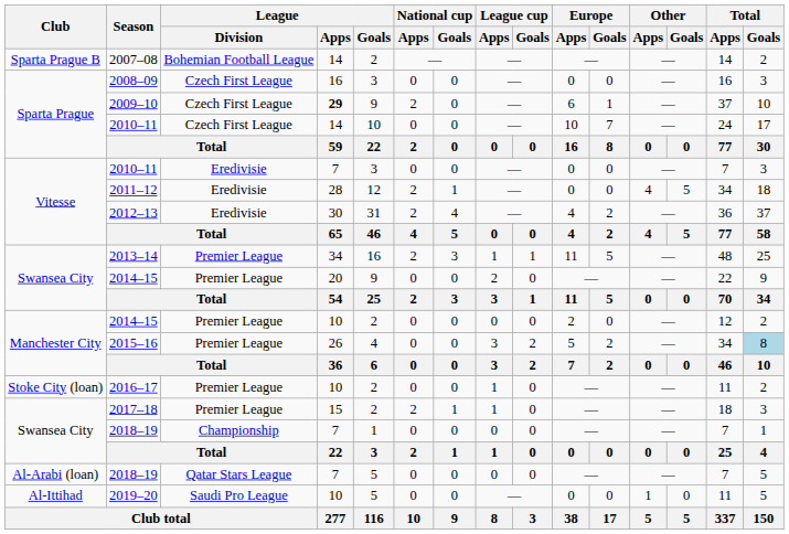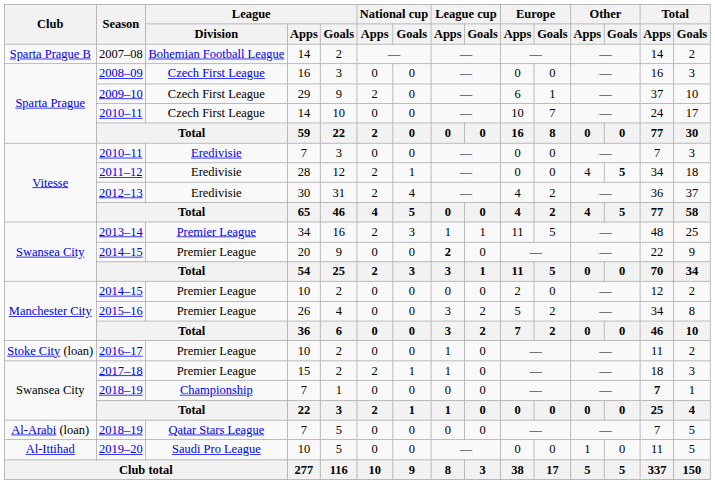 <table class="wikitable" style="text-align: center">
 <tr>
 <th rowspan="2">Club</th>
 <th rowspan="2">Season</th>
 <th colspan="3">League</th>
 <th colspan="2">National cup</th>
 <th colspan="2">League cup</th>
 <th colspan="2">Europe</th>
 <th colspan="2">Other</th>
 <th colspan="2">Total</th>
 </tr>
 <tr>
 <th>Division</th>
 <th>Apps</th>
 <th>Goals</th>
 <th>Apps</th>
 <th>Goals</th>
 <th>Apps</th>
 <th>Goals</th>
 <th>Apps</th>
 <th>Goals</th>
 <th>Apps</th>
 <th>Goals</th>
 <th>Apps</th>
 <th>Goals</th>
 </tr>
 <tr>
 <td><a href='#'>Sparta Prague B</a></td>
 <td>2007–08</td>
 <td><a href='#'>Bohemian Football League</a></td>
 <td>14</td>
 <td>2</td>
 <td colspan="2">—</td>
 <td colspan="2">—</td>
 <td colspan="2">—</td>
 <td colspan="2">—</td>
 <td>14</td>
 <td>2</td>
 </tr>
 <tr>
 <td rowspan="4"><a href='#'>Sparta Prague</a></td>
 <td><a href='#'>2008–09</a></td>
 <td><a href='#'>Czech First League</a></td>
 <td>16</td>
 <td>3</td>
 <td>0</td>
 <td>0</td>
 <td colspan="2">—</td>
 <td>0</td>
 <td>0</td>
 <td colspan="2">—</td>
 <td>16</td>
 <td>3</td>
 </tr>
 <tr>
 <td><a href='#'>2009–10</a></td>
 <td>Czech First League</td>
-<td><strong>29</strong></td>
+<td>29</td>
 <td>9</td>
 <td>2</td>
 <td>0</td>
 <td colspan="2">—</td>
 <td>6</td>
 <td>1</td>
 <td colspan="2">—</td>
 <td>37</td>
 <td>10</td>
 </tr>
 <tr>
 <td><a href='#'>2010–11</a></td>
 <td>Czech First League</td>
 <td>14</td>
 <td>10</td>
 <td>0</td>
 <td>0</td>
 <td colspan="2">—</td>
 <td>10</td>
 <td>7</td>
 <td colspan="2">—</td>
 <td>24</td>
 <td>17</td>
 </tr>
 <tr>
 <th colspan="2">Total</th>
 <th>59</th>
 <th>22</th>
 <th>2</th>
 <th>0</th>
 <th>0</th>
 <th>0</th>
 <th>16</th>
 <th>8</th>
 <th>0</th>
 <th>0</th>
 <th>77</th>
 <th>30</th>
 </tr>
 <tr>
 <td rowspan="4"><a href='#'>Vitesse</a></td>
 <td><a href='#'>2010–11</a></td>
 <td><a href='#'>Eredivisie</a></td>
 <td>7</td>
 <td>3</td>
 <td>0</td>
 <td>0</td>
 <td colspan="2">—</td>
 <td>0</td>
 <td>0</td>
 <td colspan="2">—</td>
 <td>7</td>
 <td>3</td>
 </tr>
 <tr>
 <td><a href='#'>2011–12</a></td>
 <td>Eredivisie</td>
 <td>28</td>
 <td>12</td>
 <td>2</td>
 <td>1</td>
 <td colspan="2">—</td>
 <td>0</td>
 <td>0</td>
 <td>4</td>
-<td>5</td>
+<td><strong>5</strong></td>
 <td>34</td>
 <td>18</td>
 </tr>
 <tr>
 <td><a href='#'>2012–13</a></td>
 <td>Eredivisie</td>
 <td>30</td>
 <td>31</td>
 <td>2</td>
 <td>4</td>
 <td colspan="2">—</td>
 <td>4</td>
 <td>2</td>
 <td colspan="2">—</td>
 <td>36</td>
 <td>37</td>
 </tr>
 <tr>
 <th colspan="2">Total</th>
 <th>65</th>
 <th>46</th>
 <th>4</th>
 <th>5</th>
 <th>0</th>
 <th>0</th>
 <th>4</th>
 <th>2</th>
 <th>4</th>
 <th>5</th>
 <th>77</th>
 <th>58</th>
 </tr>
 <tr>
 <td rowspan="3"><a href='#'>Swansea City</a></td>
 <td><a href='#'>2013–14</a></td>
 <td><a href='#'>Premier League</a></td>
 <td>34</td>
 <td>16</td>
 <td>2</td>
 <td>3</td>
 <td>1</td>
 <td>1</td>
 <td>11</td>
 <td>5</td>
 <td colspan="2">—</td>
 <td>48</td>
 <td>25</td>
 </tr>
 <tr>
 <td><a href='#'>2014–15</a></td>
 <td>Premier League</td>
 <td>20</td>
 <td>9</td>
 <td>0</td>
 <td>0</td>
-<td>2</td>
+<td><strong>2</strong></td>
 <td>0</td>
 <td colspan="2">—</td>
 <td colspan="2">—</td>
 <td>22</td>
 <td>9</td>
 </tr>
 <tr>
 <th colspan="2">Total</th>
 <th>54</th>
 <th>25</th>
 <th>2</th>
 <th>3</th>
 <th>3</th>
 <th>1</th>
 <th>11</th>
 <th>5</th>
 <th>0</th>
 <th>0</th>
 <th>70</th>
 <th>34</th>
 </tr>
 <tr>
 <td rowspan="3"><a href='#'>Manchester City</a></td>
 <td><a href='#'>2014–15</a></td>
 <td>Premier League</td>
 <td>10</td>
 <td>2</td>
 <td>0</td>
 <td>0</td>
 <td>0</td>
 <td>0</td>
 <td>2</td>
 <td>0</td>
 <td colspan="2">—</td>
 <td>12</td>
 <td>2</td>
 </tr>
 <tr>
 <td><a href='#'>2015–16</a></td>
 <td>Premier League</td>
 <td>26</td>
 <td>4</td>
 <td>0</td>
 <td>0</td>
 <td>3</td>
 <td>2</td>
 <td>5</td>
 <td>2</td>
 <td colspan="2">—</td>
 <td>34</td>
-<td style="background: lightblue;">8</td>
+<td>8</td>
 </tr>
 <tr>
 <th colspan="2">Total</th>
 <th>36</th>
 <th>6</th>
 <th>0</th>
 <th>0</th>
 <th>3</th>
 <th>2</th>
 <th>7</th>
 <th>2</th>
 <th>0</th>
 <th>0</th>
 <th>46</th>
 <th>10</th>
 </tr>
 <tr>
 <td><a href='#'>Stoke City</a> (loan)</td>
 <td><a href='#'>2016–17</a></td>
 <td>Premier League</td>
 <td>10</td>
 <td>2</td>
 <td>0</td>
 <td>0</td>
 <td>1</td>
 <td>0</td>
 <td colspan="2">—</td>
 <td colspan="2">—</td>
 <td>11</td>
 <td>2</td>
 </tr>
 <tr>
 <td rowspan="3">Swansea City</td>
 <td><a href='#'>2017–18</a></td>
 <td>Premier League</td>
 <td>15</td>
 <td>2</td>
 <td>2</td>
 <td>1</td>
 <td>1</td>
 <td>0</td>
 <td colspan="2">—</td>
 <td colspan="2">—</td>
 <td>18</td>
 <td>3</td>
 </tr>
 <tr>
 <td><a href='#'>2018–19</a></td>
 <td><a href='#'>Championship</a></td>
 <td>7</td>
 <td>1</td>
 <td>0</td>
 <td>0</td>
 <td>0</td>
 <td>0</td>
 <td colspan="2">—</td>
 <td colspan="2">—</td>
-<td>7</td>
+<td><strong>7</strong></td>
 <td>1</td>
 </tr>
 <tr>
 <th colspan="2">Total</th>
 <th>22</th>
 <th>3</th>
 <th>2</th>
 <th>1</th>
 <th>1</th>
 <th>0</th>
 <th>0</th>
 <th>0</th>
 <th>0</th>
 <th>0</th>
 <th>25</th>
 <th>4</th>
 </tr>
 <tr>
 <td><a href='#'>Al-Arabi</a> (loan)</td>
 <td><a href='#'>2018–19</a></td>
 <td><a href='#'>Qatar Stars League</a></td>
 <td>7</td>
 <td>5</td>
 <td>0</td>
 <td>0</td>
 <td>0</td>
 <td>0</td>
 <td colspan="2">—</td>
 <td colspan="2">—</td>
 <td>7</td>
 <td>5</td>
 </tr>
 <tr>
 <td><a href='#'>Al-Ittihad</a></td>
 <td><a href='#'>2019–20</a></td>
 <td><a href='#'>Saudi Pro League</a></td>
 <td>10</td>
 <td>5</td>
 <td>0</td>
 <td>0</td>
 <td colspan="2">—</td>
 <td>0</td>
 <td>0</td>
 <td>1</td>
 <td>0</td>
 <td>11</td>
 <td>5</td>
 </tr>
 <tr>
 <th colspan="3">Club total</th>
 <th>277</th>
 <th>116</th>
 <th>10</th>
 <th>9</th>
 <th>8</th>
 <th>3</th>
 <th>38</th>
 <th>17</th>
 <th>5</th>
 <th>5</th>
 <th>337</th>
 <th>150</th>
 </tr>
 </table>
